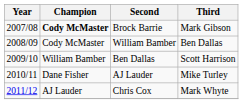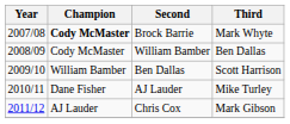 <table class="wikitable" style="font-size: 90%">
 <tr>
 <th>Year</th>
 <th>Champion</th>
 <th>Second</th>
 <th>Third</th>
 </tr>
 <tr>
 <td>2007/08</td>
 <td><strong>Cody McMaster</strong></td>
 <td>Brock Barrie</td>
-<td>Mark Gibson</td>
+<td>Mark Whyte</td>
 </tr>
 <tr>
 <td>2008/09</td>
 <td>Cody McMaster</td>
 <td>William Bamber</td>
 <td>Ben Dallas</td>
 </tr>
 <tr>
 <td>2009/10</td>
 <td>William Bamber</td>
 <td>Ben Dallas</td>
 <td>Scott Harrison</td>
 </tr>
 <tr>
 <td>2010/11</td>
 <td>Dane Fisher</td>
 <td>AJ Lauder</td>
 <td>Mike Turley</td>
 </tr>
 <tr>
 <td><a href='#'>2011/12</a></td>
 <td>AJ Lauder</td>
 <td>Chris Cox</td>
-<td>Mark Whyte</td>
+<td>Mark Gibson</td>
 </tr>
 <tr>
 </tr>
 </table>
